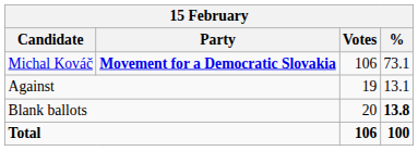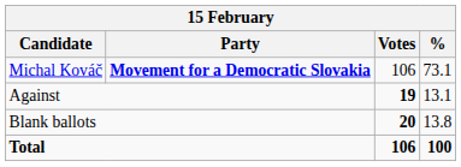 <table class=wikitable style=text-align:right>
 <tr>
 <th colspan=4>15 February</th>
 </tr>
 <tr>
 <th>Candidate</th>
 <th>Party</th>
 <th>Votes</th>
 <th>%</th>
 </tr>
 <tr>
 <td align=left><a href='#'>Michal Kováč</a></td>
 <td><strong><a href='#'>Movement for a Democratic Slovakia</a></strong></td>
 <td>106</td>
 <td>73.1</td>
 </tr>
 <tr>
 <td align=left colspan=2>Against</td>
-<td>19</td>
+<td><strong>19</strong></td>
 <td>13.1</td>
 </tr>
 <tr>
 <td align=left colspan=2>Blank ballots</td>
-<td>20</td>
-<td><strong>13.8</strong></td>
+<td><strong>20</strong></td>
+<td>13.8</td>
 </tr>
 <tr>
 <td align=left colspan=2><strong>Total</strong></td>
 <td><strong>106</strong></td>
 <td><strong>100</strong></td>
 </tr>
 </table>
